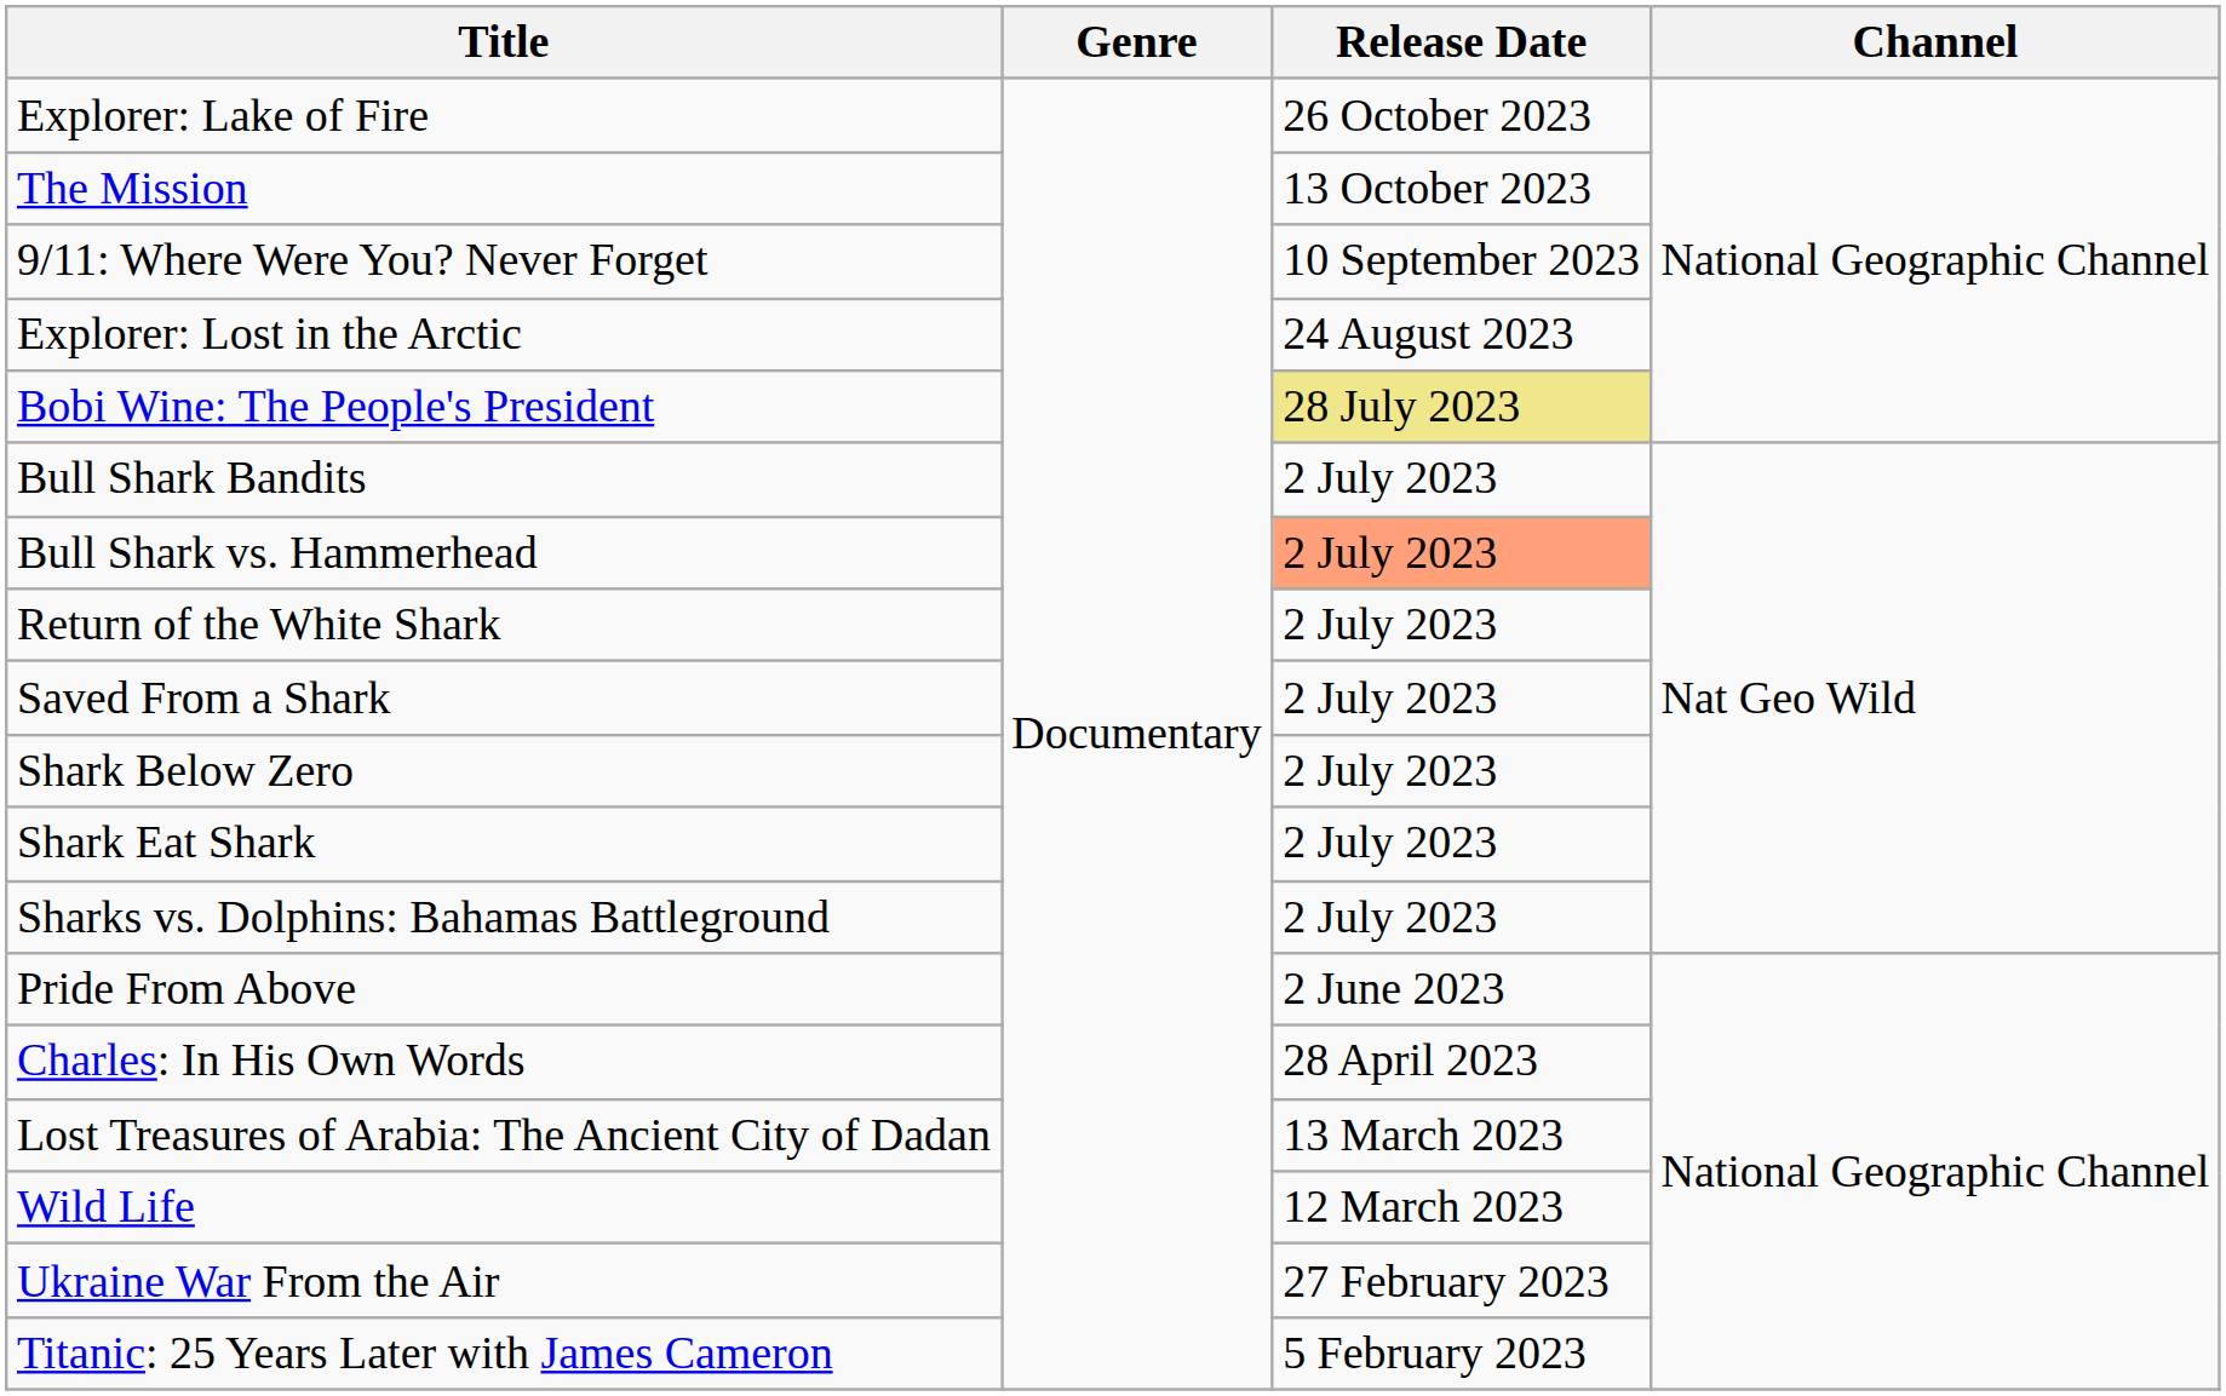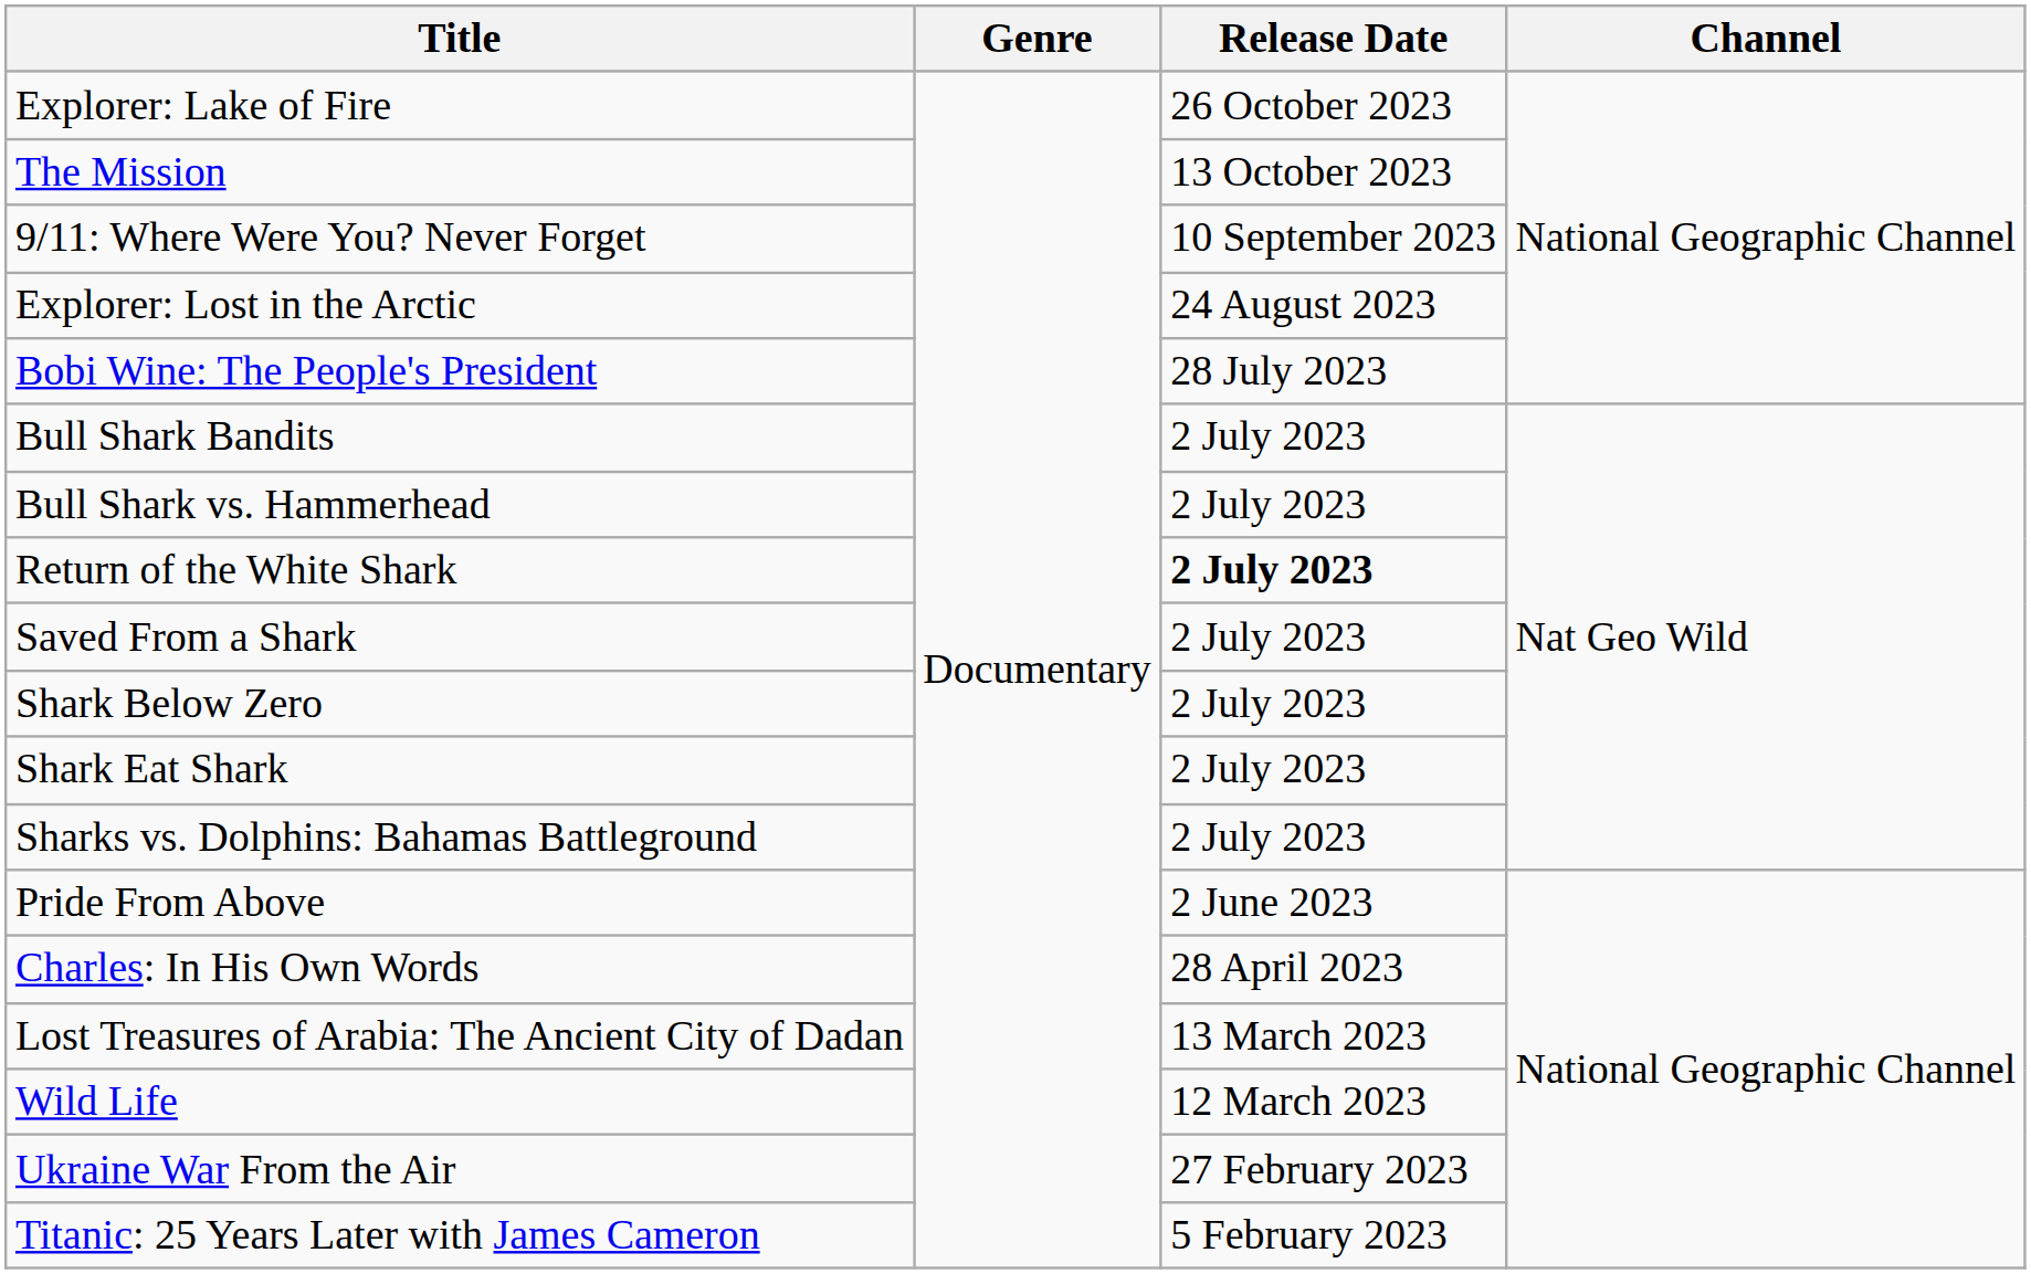 <table class="wikitable sortable">
 <tr>
 <th>Title</th>
 <th>Genre</th>
 <th>Release Date</th>
 <th>Channel</th>
 </tr>
 <tr>
 <td>Explorer: Lake of Fire</td>
 <td rowspan="18">Documentary</td>
 <td>26 October 2023</td>
 <td rowspan="5">National Geographic Channel</td>
 </tr>
 <tr>
 <td><a href='#'>The Mission</a></td>
 <td>13 October 2023</td>
 </tr>
 <tr>
 <td>9/11: Where Were You? Never Forget</td>
 <td>10 September 2023</td>
 </tr>
 <tr>
 <td>Explorer: Lost in the Arctic</td>
 <td>24 August 2023</td>
 </tr>
 <tr>
 <td><a href='#'>Bobi Wine: The People's President</a></td>
-<td style="background: khaki;">28 July 2023</td>
+<td>28 July 2023</td>
 </tr>
 <tr>
 <td>Bull Shark Bandits</td>
 <td>2 July 2023</td>
 <td rowspan="7">Nat Geo Wild</td>
 </tr>
 <tr>
 <td>Bull Shark vs. Hammerhead</td>
-<td style="background: lightsalmon;">2 July 2023</td>
+<td>2 July 2023</td>
 </tr>
 <tr>
 <td>Return of the White Shark</td>
-<td>2 July 2023</td>
+<td><strong>2 July 2023</strong></td>
 </tr>
 <tr>
 <td>Saved From a Shark</td>
 <td>2 July 2023</td>
 </tr>
 <tr>
 <td>Shark Below Zero</td>
 <td>2 July 2023</td>
 </tr>
 <tr>
 <td>Shark Eat Shark</td>
 <td>2 July 2023</td>
 </tr>
 <tr>
 <td>Sharks vs. Dolphins: Bahamas Battleground</td>
 <td>2 July 2023</td>
 </tr>
 <tr>
 <td>Pride From Above</td>
 <td>2 June 2023</td>
 <td rowspan="6">National Geographic Channel</td>
 </tr>
 <tr>
 <td><a href='#'>Charles</a>: In His Own Words</td>
 <td>28 April 2023</td>
 </tr>
 <tr>
 <td>Lost Treasures of Arabia: The Ancient City of Dadan</td>
 <td>13 March 2023</td>
 </tr>
 <tr>
 <td><a href='#'>Wild Life</a></td>
 <td>12 March 2023</td>
 </tr>
 <tr>
 <td><a href='#'>Ukraine War</a> From the Air</td>
 <td>27 February 2023</td>
 </tr>
 <tr>
 <td><a href='#'>Titanic</a>: 25 Years Later with <a href='#'>James Cameron</a></td>
 <td>5 February 2023</td>
 </tr>
 </table>
